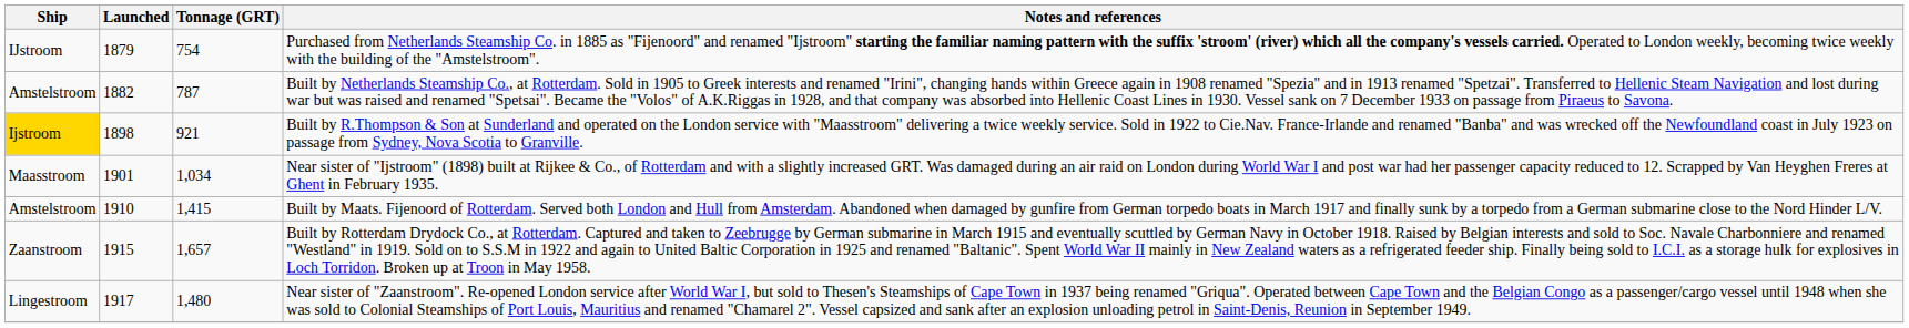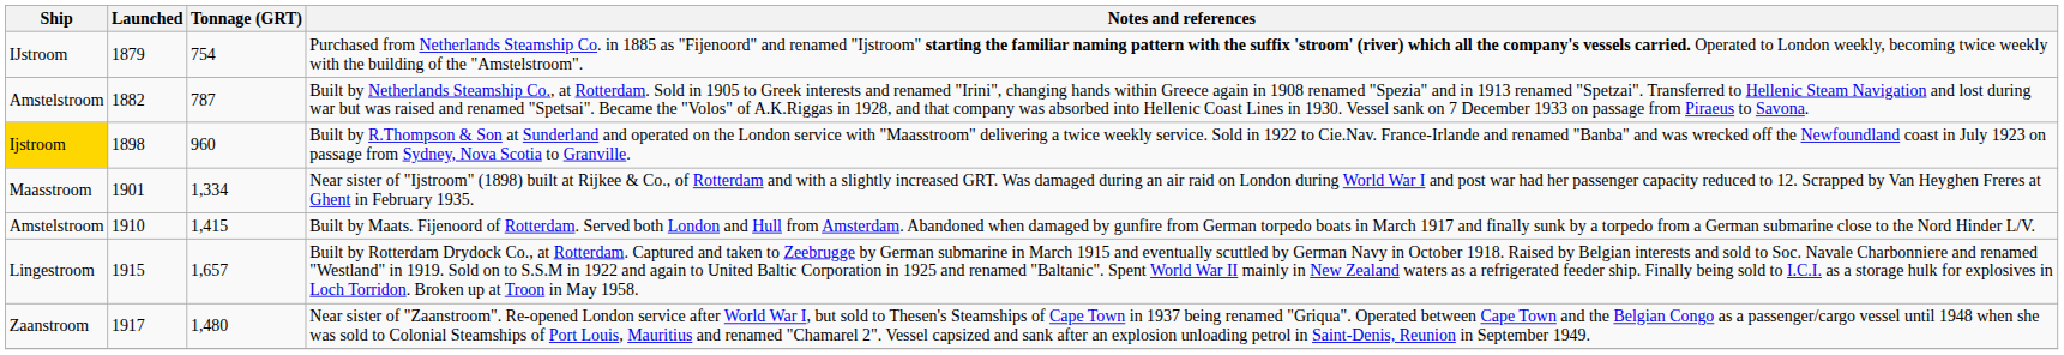 <table class="wikitable">
 <tr>
 <th>Ship</th>
 <th>Launched</th>
 <th>Tonnage (GRT)</th>
 <th>Notes and references</th>
 </tr>
 <tr>
 <td>IJstroom</td>
 <td>1879</td>
 <td>754</td>
 <td>Purchased from <a href='#'>Netherlands Steamship Co</a>. in 1885 as "Fijenoord" and renamed "Ijstroom" <strong>starting the familiar naming pattern with the suffix 'stroom' (river) which all the company's vessels carried.</strong> Operated to London weekly, becoming twice weekly with the building of the "Amstelstroom".</td>
 </tr>
 <tr>
 <td>Amstelstroom</td>
 <td>1882</td>
 <td>787</td>
 <td>Built by <a href='#'>Netherlands Steamship Co.</a>, at <a href='#'>Rotterdam</a>. Sold in 1905  to Greek interests and renamed "Irini", changing hands within Greece again in 1908 renamed "Spezia" and in 1913 renamed "Spetzai". Transferred to <a href='#'>Hellenic Steam Navigation</a> and lost during war  but was raised and renamed "Spetsai". Became the "Volos" of A.K.Riggas  in 1928, and that company was absorbed into Hellenic Coast Lines  in 1930. Vessel sank on  7 December 1933 on passage from <a href='#'>Piraeus</a>  to <a href='#'>Savona</a>.</td>
 </tr>
 <tr>
 <td style="background: gold;">Ijstroom</td>
 <td>1898</td>
-<td>921</td>
+<td>960</td>
 <td>Built by <a href='#'>R.Thompson & Son</a> at <a href='#'>Sunderland</a> and operated on the London service with "Maasstroom" delivering a twice weekly service. Sold in 1922 to Cie.Nav. France-Irlande and renamed "Banba" and was wrecked off the <a href='#'>Newfoundland</a> coast in July 1923  on passage from <a href='#'>Sydney, Nova Scotia</a>  to <a href='#'>Granville</a>.</td>
 </tr>
 <tr>
 <td>Maasstroom</td>
 <td>1901</td>
-<td>1,034</td>
+<td>1,334</td>
 <td>Near sister of "Ijstroom" (1898) built at Rijkee & Co., of <a href='#'>Rotterdam</a> and with a slightly increased GRT. Was damaged during an air raid on London during <a href='#'>World War I</a> and post war had her passenger capacity reduced  to 12. Scrapped  by Van Heyghen Freres  at <a href='#'>Ghent</a> in February 1935.</td>
 </tr>
 <tr>
 <td>Amstelstroom</td>
 <td>1910</td>
 <td>1,415</td>
 <td>Built by Maats. Fijenoord  of <a href='#'>Rotterdam</a>. Served both <a href='#'>London</a> and <a href='#'>Hull</a> from <a href='#'>Amsterdam</a>. Abandoned when damaged by gunfire from German torpedo boats in March 1917 and finally sunk by a torpedo from a German submarine close to the Nord Hinder L/V.</td>
 </tr>
 <tr>
-<td>Zaanstroom</td>
+<td>Lingestroom</td>
 <td>1915</td>
 <td>1,657</td>
 <td>Built by Rotterdam Drydock Co., at <a href='#'>Rotterdam</a>. Captured and taken to <a href='#'>Zeebrugge</a> by German submarine  in March 1915 and eventually scuttled  by German Navy in October 1918. Raised by Belgian interests and sold to Soc. Navale Charbonniere and renamed "Westland"  in 1919. Sold on to S.S.M  in 1922 and again to United Baltic Corporation in 1925 and renamed "Baltanic". Spent <a href='#'>World War II</a> mainly in <a href='#'>New Zealand</a> waters as a refrigerated feeder ship. Finally being sold to <a href='#'>I.C.I.</a> as a storage hulk for explosives in <a href='#'>Loch Torridon</a>. Broken up at <a href='#'>Troon</a> in May 1958.</td>
 </tr>
 <tr>
-<td>Lingestroom</td>
+<td>Zaanstroom</td>
 <td>1917</td>
 <td>1,480</td>
 <td>Near sister of "Zaanstroom". Re-opened London service after <a href='#'>World War I</a>, but sold to Thesen's Steamships  of <a href='#'>Cape Town</a>  in 1937 being renamed "Griqua". Operated between <a href='#'>Cape Town</a> and the <a href='#'>Belgian Congo</a> as  a passenger/cargo vessel until 1948 when she was sold to Colonial Steamships of <a href='#'>Port Louis</a>, <a href='#'>Mauritius</a> and renamed "Chamarel 2". Vessel capsized and sank after an explosion unloading petrol in <a href='#'>Saint-Denis, Reunion</a> in September 1949.</td>
 </tr>
 <tr>
 </tr>
 </table>
